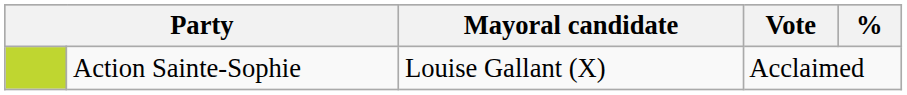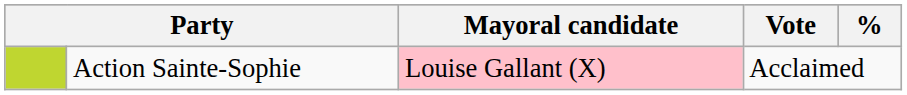 <table class="wikitable">
 <tr>
 <th bgcolor="#DDDDFF" width="230px" colspan="2">Party</th>
 <th bgcolor="#DDDDFF" width="200px">Mayoral candidate</th>
 <th bgcolor="#DDDDFF" width="50px">Vote</th>
 <th bgcolor="#DDDDFF" width="30px">%</th>
 </tr>
 <tr>
 <td bgcolor=#BFD630 width="30px"> </td>
 <td>Action Sainte-Sophie</td>
-<td>Louise Gallant (X)</td>
+<td style="background: pink;">Louise Gallant (X)</td>
 <td colspan="2">Acclaimed</td>
 </tr>
 </table>
